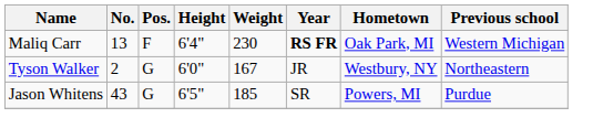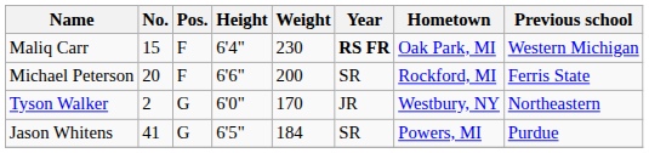 <table class="wikitable sortable" border="1">
 <tr align=center>
 <th>Name</th>
 <th>No.</th>
 <th>Pos.</th>
 <th>Height</th>
 <th>Weight</th>
 <th>Year</th>
 <th>Hometown</th>
 <th>Previous school</th>
 </tr>
 <tr>
 <td>Maliq Carr</td>
-<td>13</td>
+<td>15</td>
 <td>F</td>
 <td>6'4"</td>
 <td>230</td>
 <td><strong>RS FR</strong></td>
 <td><a href='#'>Oak Park, MI</a></td>
 <td><a href='#'>Western Michigan</a></td>
 </tr>
 <tr>
+<td>Michael Peterson</td>
+<td>20</td>
+<td>F</td>
+<td>6'6"</td>
+<td>200</td>
+<td>SR</td>
+<td><a href='#'>Rockford, MI</a></td>
+<td><a href='#'>Ferris State</a></td>
+</tr>
+<tr>
 <td><a href='#'>Tyson Walker</a></td>
 <td>2</td>
 <td>G</td>
 <td>6'0"</td>
-<td>167</td>
+<td>170</td>
 <td>JR</td>
 <td><a href='#'>Westbury, NY</a></td>
 <td><a href='#'>Northeastern</a></td>
 </tr>
 <tr>
 <td>Jason Whitens</td>
-<td>43</td>
+<td>41</td>
 <td>G</td>
 <td>6'5"</td>
-<td>185</td>
+<td>184</td>
 <td>SR</td>
 <td><a href='#'>Powers, MI</a></td>
 <td><a href='#'>Purdue</a></td>
 </tr>
 <tr>
 </tr>
 </table>
